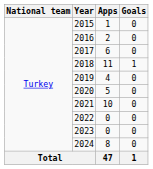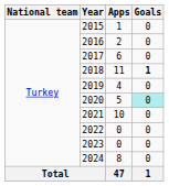 <table class="wikitable" style="text-align:center">
 <tr>
 <th>National team</th>
 <th>Year</th>
 <th>Apps</th>
 <th>Goals</th>
 </tr>
 <tr>
 <td rowspan="10"><a href='#'>Turkey</a></td>
 <td>2015</td>
 <td>1</td>
 <td>0</td>
 </tr>
 <tr>
 <td>2016</td>
 <td>2</td>
 <td>0</td>
 </tr>
 <tr>
 <td>2017</td>
 <td>6</td>
 <td>0</td>
 </tr>
 <tr>
 <td>2018</td>
 <td>11</td>
-<td>1</td>
+<td><strong>1</strong></td>
 </tr>
 <tr>
 <td>2019</td>
 <td>4</td>
 <td>0</td>
 </tr>
 <tr>
 <td>2020</td>
 <td>5</td>
-<td>0</td>
+<td style="background: paleturquoise;">0</td>
 </tr>
 <tr>
 <td>2021</td>
 <td>10</td>
 <td>0</td>
 </tr>
 <tr>
 <td>2022</td>
 <td>0</td>
 <td>0</td>
 </tr>
 <tr>
 <td>2023</td>
 <td>0</td>
 <td>0</td>
 </tr>
 <tr>
 <td>2024</td>
 <td>8</td>
 <td>0</td>
 </tr>
 <tr>
 <th colspan="2">Total</th>
 <th>47</th>
 <th>1</th>
 </tr>
 </table>
